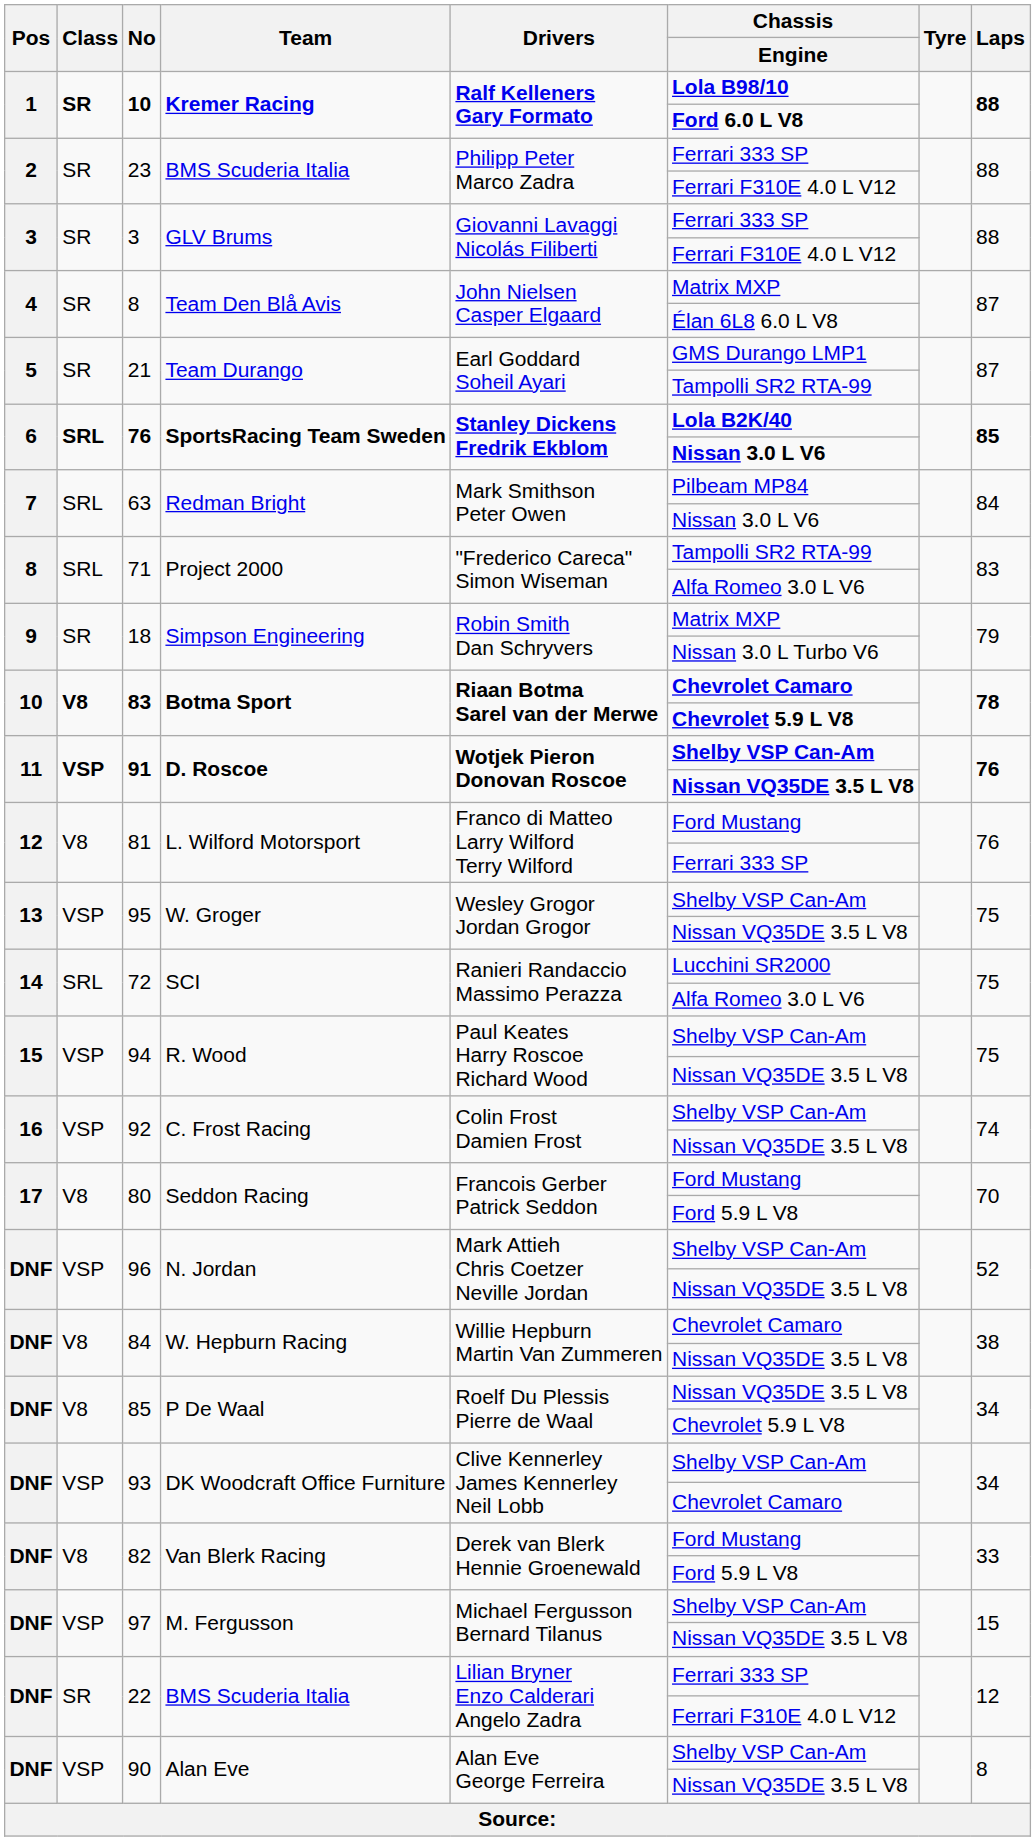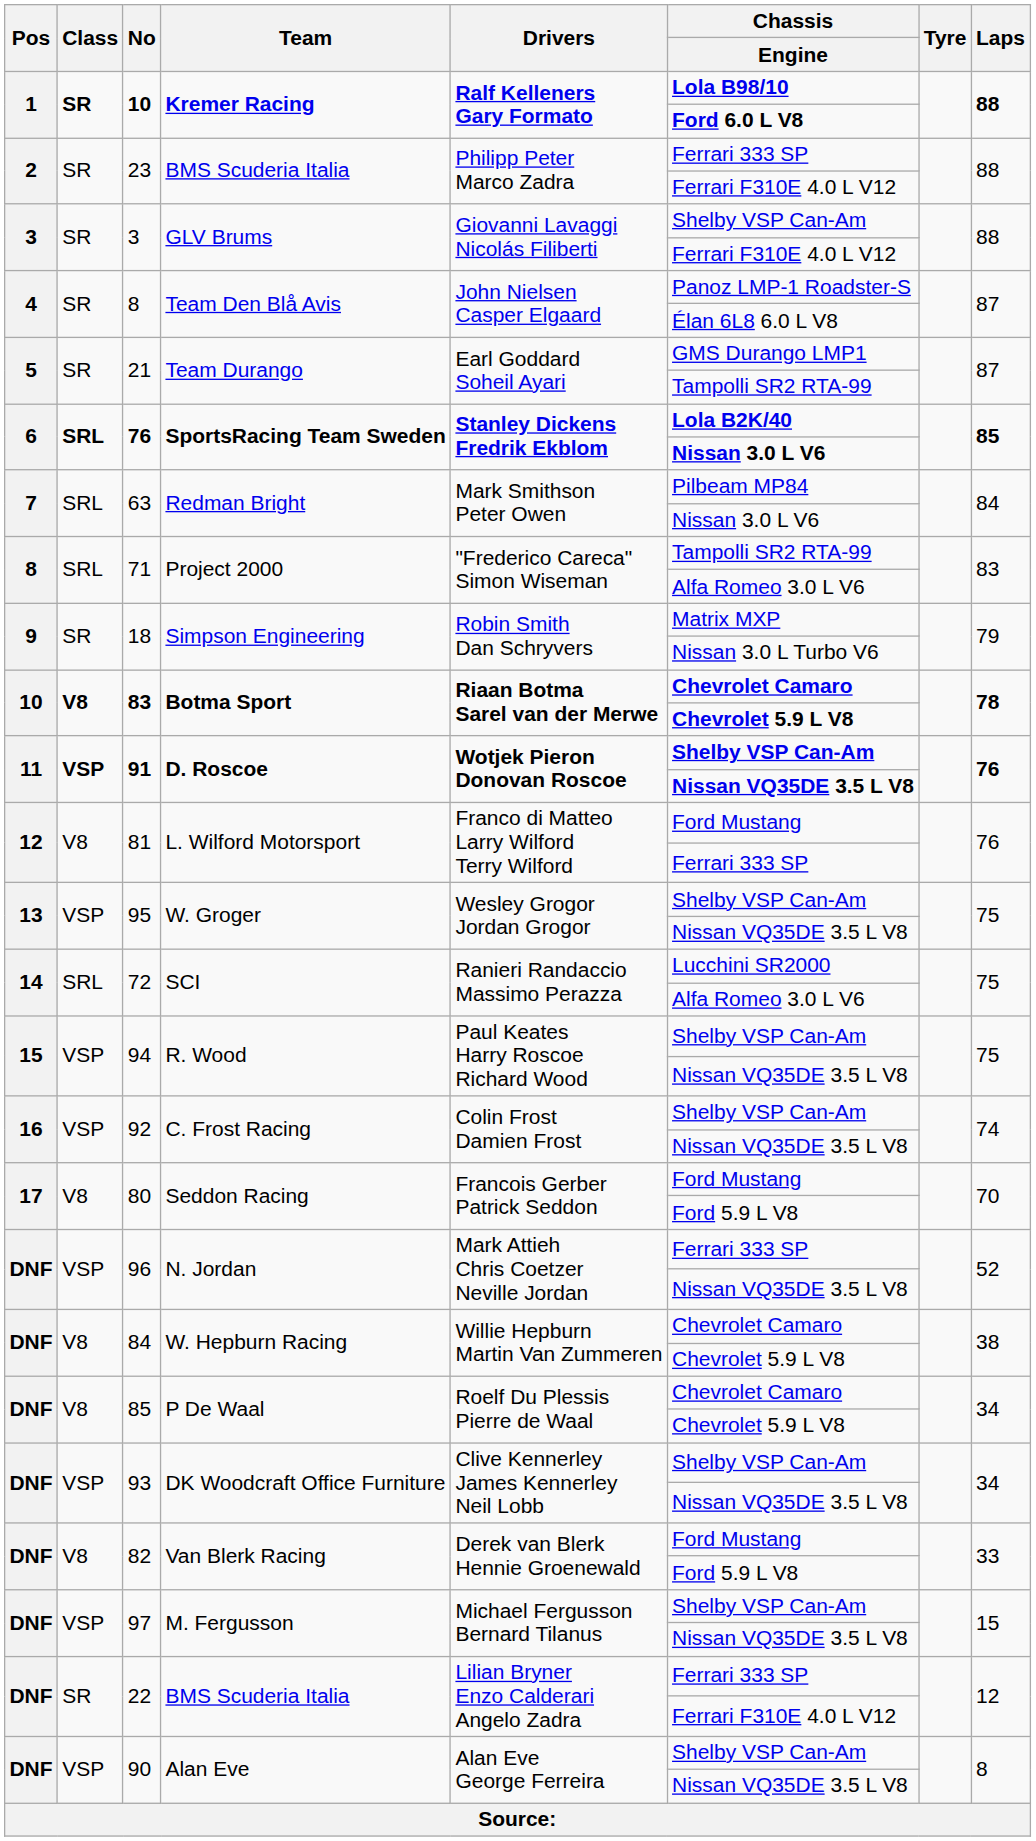 <table class="wikitable">
 <tr>
 <th rowspan="2">Pos</th>
 <th rowspan="2">Class</th>
 <th rowspan="2">No</th>
 <th rowspan="2">Team</th>
 <th rowspan="2">Drivers</th>
 <th>Chassis</th>
 <th rowspan="2">Tyre</th>
 <th rowspan="2">Laps</th>
 </tr>
 <tr>
 <th>Engine</th>
 </tr>
 <tr>
 <th rowspan="2">1</th>
 <td rowspan="2"><strong>SR</strong></td>
 <td rowspan="2"><strong>10</strong></td>
 <td rowspan="2"><strong> <a href='#'>Kremer Racing</a></strong></td>
 <td rowspan="2"><strong> <a href='#'>Ralf Kelleners</a><br> <a href='#'>Gary Formato</a></strong></td>
 <td><strong><a href='#'>Lola B98/10</a></strong></td>
 <td rowspan="2"></td>
 <td rowspan="2"><strong>88</strong></td>
 </tr>
 <tr>
 <td><strong><a href='#'>Ford</a> 6.0 L V8</strong></td>
 </tr>
 <tr>
 <th rowspan="2">2</th>
 <td rowspan="2">SR</td>
 <td rowspan="2">23</td>
 <td rowspan="2"> <a href='#'>BMS Scuderia Italia</a></td>
 <td rowspan="2"> <a href='#'>Philipp Peter</a><br> Marco Zadra</td>
 <td><a href='#'>Ferrari 333 SP</a></td>
 <td rowspan="2"></td>
 <td rowspan="2">88</td>
 </tr>
 <tr>
 <td><a href='#'>Ferrari F310E</a> 4.0 L V12</td>
 </tr>
 <tr>
 <th rowspan="2">3</th>
 <td rowspan="2">SR</td>
 <td rowspan="2">3</td>
 <td rowspan="2"> <a href='#'>GLV Brums</a></td>
 <td rowspan="2"> <a href='#'>Giovanni Lavaggi</a><br> <a href='#'>Nicolás Filiberti</a></td>
-<td><a href='#'>Ferrari 333 SP</a></td>
+<td><a href='#'>Shelby VSP Can-Am</a></td>
 <td rowspan="2"></td>
 <td rowspan="2">88</td>
 </tr>
 <tr>
 <td><a href='#'>Ferrari F310E</a> 4.0 L V12</td>
 </tr>
 <tr>
 <th rowspan="2">4</th>
 <td rowspan="2">SR</td>
 <td rowspan="2">8</td>
 <td rowspan="2"> <a href='#'>Team Den Blå Avis</a></td>
 <td rowspan="2"> <a href='#'>John Nielsen</a><br> <a href='#'>Casper Elgaard</a></td>
-<td><a href='#'>Matrix MXP</a></td>
+<td><a href='#'>Panoz LMP-1 Roadster-S</a></td>
 <td rowspan="2"></td>
 <td rowspan="2">87</td>
 </tr>
 <tr>
 <td><a href='#'>Élan 6L8</a> 6.0 L V8</td>
 </tr>
 <tr>
 <th rowspan="2">5</th>
 <td rowspan="2">SR</td>
 <td rowspan="2">21</td>
 <td rowspan="2"> <a href='#'>Team Durango</a></td>
 <td rowspan="2"> Earl Goddard<br> <a href='#'>Soheil Ayari</a></td>
 <td><a href='#'>GMS Durango LMP1</a></td>
 <td rowspan="2"></td>
 <td rowspan="2">87</td>
 </tr>
 <tr>
 <td><a href='#'>Tampolli SR2 RTA-99</a></td>
 </tr>
 <tr>
 <th rowspan="2">6</th>
 <td rowspan="2"><strong>SRL</strong></td>
 <td rowspan="2"><strong>76</strong></td>
 <td rowspan="2"><strong> SportsRacing Team Sweden</strong></td>
 <td rowspan="2"><strong> <a href='#'>Stanley Dickens</a><br> <a href='#'>Fredrik Ekblom</a></strong></td>
 <td><strong><a href='#'>Lola B2K/40</a></strong></td>
 <td rowspan="2"></td>
 <td rowspan="2"><strong>85</strong></td>
 </tr>
 <tr>
 <td><strong><a href='#'>Nissan</a> 3.0 L V6</strong></td>
 </tr>
 <tr>
 <th rowspan="2">7</th>
 <td rowspan="2">SRL</td>
 <td rowspan="2">63</td>
 <td rowspan="2"> <a href='#'>Redman Bright</a></td>
 <td rowspan="2"> Mark Smithson<br> Peter Owen</td>
 <td><a href='#'>Pilbeam MP84</a></td>
 <td rowspan="2"></td>
 <td rowspan="2">84</td>
 </tr>
 <tr>
 <td><a href='#'>Nissan</a> 3.0 L V6</td>
 </tr>
 <tr>
 <th rowspan="2">8</th>
 <td rowspan="2">SRL</td>
 <td rowspan="2">71</td>
 <td rowspan="2"> Project 2000</td>
 <td rowspan="2"> "Frederico Careca"<br> Simon Wiseman</td>
 <td><a href='#'>Tampolli SR2 RTA-99</a></td>
 <td rowspan="2"></td>
 <td rowspan="2">83</td>
 </tr>
 <tr>
 <td><a href='#'>Alfa Romeo</a> 3.0 L V6</td>
 </tr>
 <tr>
 <th rowspan="2">9</th>
 <td rowspan="2">SR</td>
 <td rowspan="2">18</td>
 <td rowspan="2"> <a href='#'>Simpson Engineering</a></td>
 <td rowspan="2"> <a href='#'>Robin Smith</a><br> Dan Schryvers</td>
 <td><a href='#'>Matrix MXP</a></td>
 <td rowspan="2"></td>
 <td rowspan="2">79</td>
 </tr>
 <tr>
 <td><a href='#'>Nissan</a> 3.0 L Turbo V6</td>
 </tr>
 <tr>
 <th rowspan="2">10</th>
 <td rowspan="2"><strong>V8</strong></td>
 <td rowspan="2"><strong>83</strong></td>
 <td rowspan="2"><strong> Botma Sport</strong></td>
 <td rowspan="2"><strong> Riaan Botma<br> Sarel van der Merwe</strong></td>
 <td><a href='#'><strong>Chevrolet Camaro</strong></a></td>
 <td rowspan="2"></td>
 <td rowspan="2"><strong>78</strong></td>
 </tr>
 <tr>
 <td><strong><a href='#'>Chevrolet</a> 5.9 L V8</strong></td>
 </tr>
 <tr>
 <th rowspan="2">11</th>
 <td rowspan="2"><strong>VSP</strong></td>
 <td rowspan="2"><strong>91</strong></td>
 <td rowspan="2"><strong> D. Roscoe</strong></td>
 <td rowspan="2"><strong> Wotjek Pieron<br> Donovan Roscoe</strong></td>
 <td><a href='#'><strong>Shelby VSP Can-Am</strong></a></td>
 <td rowspan="2"></td>
 <td rowspan="2"><strong>76</strong></td>
 </tr>
 <tr>
 <td><strong><a href='#'>Nissan VQ35DE</a> 3.5 L V8</strong></td>
 </tr>
 <tr>
 <th rowspan="2">12</th>
 <td rowspan="2">V8</td>
 <td rowspan="2">81</td>
 <td rowspan="2"> L. Wilford Motorsport</td>
 <td rowspan="2"> Franco di Matteo<br> Larry Wilford<br> Terry Wilford</td>
 <td><a href='#'>Ford Mustang</a></td>
 <td rowspan="2"></td>
 <td rowspan="2">76</td>
 </tr>
 <tr>
 <td><a href='#'>Ferrari 333 SP</a></td>
 </tr>
 <tr>
 <th rowspan="2">13</th>
 <td rowspan="2">VSP</td>
 <td rowspan="2">95</td>
 <td rowspan="2"> W. Groger</td>
 <td rowspan="2"> Wesley Grogor<br> Jordan Grogor</td>
 <td><a href='#'>Shelby VSP Can-Am</a></td>
 <td rowspan="2"></td>
 <td rowspan="2">75</td>
 </tr>
 <tr>
 <td><a href='#'>Nissan VQ35DE</a> 3.5 L V8</td>
 </tr>
 <tr>
 <th rowspan="2">14</th>
 <td rowspan="2">SRL</td>
 <td rowspan="2">72</td>
 <td rowspan="2"> SCI</td>
 <td rowspan="2"> Ranieri Randaccio<br> Massimo Perazza</td>
 <td><a href='#'>Lucchini SR2000</a></td>
 <td rowspan="2"></td>
 <td rowspan="2">75</td>
 </tr>
 <tr>
 <td><a href='#'>Alfa Romeo</a> 3.0 L V6</td>
 </tr>
 <tr>
 <th rowspan="2">15</th>
 <td rowspan="2">VSP</td>
 <td rowspan="2">94</td>
 <td rowspan="2"> R. Wood</td>
 <td rowspan="2"> Paul Keates<br> Harry Roscoe<br> Richard Wood</td>
 <td><a href='#'>Shelby VSP Can-Am</a></td>
 <td rowspan="2"></td>
 <td rowspan="2">75</td>
 </tr>
 <tr>
 <td><a href='#'>Nissan VQ35DE</a> 3.5 L V8</td>
 </tr>
 <tr>
 <th rowspan="2">16</th>
 <td rowspan="2">VSP</td>
 <td rowspan="2">92</td>
 <td rowspan="2"> C. Frost Racing</td>
 <td rowspan="2"> Colin Frost<br> Damien Frost</td>
 <td><a href='#'>Shelby VSP Can-Am</a></td>
 <td rowspan="2"></td>
 <td rowspan="2">74</td>
 </tr>
 <tr>
 <td><a href='#'>Nissan VQ35DE</a> 3.5 L V8</td>
 </tr>
 <tr>
 <th rowspan="2">17</th>
 <td rowspan="2">V8</td>
 <td rowspan="2">80</td>
 <td rowspan="2"> Seddon Racing</td>
 <td rowspan="2"> Francois Gerber<br> Patrick Seddon</td>
 <td><a href='#'>Ford Mustang</a></td>
 <td rowspan="2"></td>
 <td rowspan="2">70</td>
 </tr>
 <tr>
 <td><a href='#'>Ford</a> 5.9 L V8</td>
 </tr>
 <tr>
 <th rowspan="2">DNF</th>
 <td rowspan="2">VSP</td>
 <td rowspan="2">96</td>
 <td rowspan="2"> N. Jordan</td>
 <td rowspan="2"> Mark Attieh<br> Chris Coetzer<br> Neville Jordan</td>
-<td><a href='#'>Shelby VSP Can-Am</a></td>
+<td><a href='#'>Ferrari 333 SP</a></td>
 <td rowspan="2"></td>
 <td rowspan="2">52</td>
 </tr>
 <tr>
 <td><a href='#'>Nissan VQ35DE</a> 3.5 L V8</td>
 </tr>
 <tr>
 <th rowspan="2">DNF</th>
 <td rowspan="2">V8</td>
 <td rowspan="2">84</td>
 <td rowspan="2"> W. Hepburn Racing</td>
 <td rowspan="2"> Willie Hepburn<br> Martin Van Zummeren</td>
 <td><a href='#'>Chevrolet Camaro</a></td>
 <td rowspan="2"></td>
 <td rowspan="2">38</td>
 </tr>
 <tr>
-<td><a href='#'>Nissan VQ35DE</a> 3.5 L V8</td>
+<td><a href='#'>Chevrolet</a> 5.9 L V8</td>
 </tr>
 <tr>
 <th rowspan="2">DNF</th>
 <td rowspan="2">V8</td>
 <td rowspan="2">85</td>
 <td rowspan="2"> P De Waal</td>
 <td rowspan="2"> Roelf Du Plessis<br> Pierre de Waal</td>
-<td><a href='#'>Nissan VQ35DE</a> 3.5 L V8</td>
+<td><a href='#'>Chevrolet Camaro</a></td>
 <td rowspan="2"></td>
 <td rowspan="2">34</td>
 </tr>
 <tr>
 <td><a href='#'>Chevrolet</a> 5.9 L V8</td>
 </tr>
 <tr>
 <th rowspan="2">DNF</th>
 <td rowspan="2">VSP</td>
 <td rowspan="2">93</td>
 <td rowspan="2"> DK Woodcraft Office Furniture</td>
 <td rowspan="2"> Clive Kennerley<br> James Kennerley<br> Neil Lobb</td>
 <td><a href='#'>Shelby VSP Can-Am</a></td>
 <td rowspan="2"></td>
 <td rowspan="2">34</td>
 </tr>
 <tr>
-<td><a href='#'>Chevrolet Camaro</a></td>
+<td><a href='#'>Nissan VQ35DE</a> 3.5 L V8</td>
 </tr>
 <tr>
 <th rowspan="2">DNF</th>
 <td rowspan="2">V8</td>
 <td rowspan="2">82</td>
 <td rowspan="2"> Van Blerk Racing</td>
 <td rowspan="2"> Derek van Blerk<br> Hennie Groenewald</td>
 <td><a href='#'>Ford Mustang</a></td>
 <td rowspan="2"></td>
 <td rowspan="2">33</td>
 </tr>
 <tr>
 <td><a href='#'>Ford</a> 5.9 L V8</td>
 </tr>
 <tr>
 <th rowspan="2">DNF</th>
 <td rowspan="2">VSP</td>
 <td rowspan="2">97</td>
 <td rowspan="2"> M. Fergusson</td>
 <td rowspan="2"> Michael Fergusson<br> Bernard Tilanus</td>
 <td><a href='#'>Shelby VSP Can-Am</a></td>
 <td rowspan="2"></td>
 <td rowspan="2">15</td>
 </tr>
 <tr>
 <td><a href='#'>Nissan VQ35DE</a> 3.5 L V8</td>
 </tr>
 <tr>
 <th rowspan="2">DNF</th>
 <td rowspan="2">SR</td>
 <td rowspan="2">22</td>
 <td rowspan="2"> <a href='#'>BMS Scuderia Italia</a></td>
 <td rowspan="2"> <a href='#'>Lilian Bryner</a><br> <a href='#'>Enzo Calderari</a><br> Angelo Zadra</td>
 <td><a href='#'>Ferrari 333 SP</a></td>
 <td rowspan="2"></td>
 <td rowspan="2">12</td>
 </tr>
 <tr>
 <td><a href='#'>Ferrari F310E</a> 4.0 L V12</td>
 </tr>
 <tr>
 <th rowspan="2">DNF</th>
 <td rowspan="2">VSP</td>
 <td rowspan="2">90</td>
 <td rowspan="2"> Alan Eve</td>
 <td rowspan="2"> Alan Eve<br> George Ferreira</td>
 <td><a href='#'>Shelby VSP Can-Am</a></td>
 <td rowspan="2"></td>
 <td rowspan="2">8</td>
 </tr>
 <tr>
 <td><a href='#'>Nissan VQ35DE</a> 3.5 L V8</td>
 </tr>
 <tr>
 <th colspan="8">Source:</th>
 </tr>
 </table>
